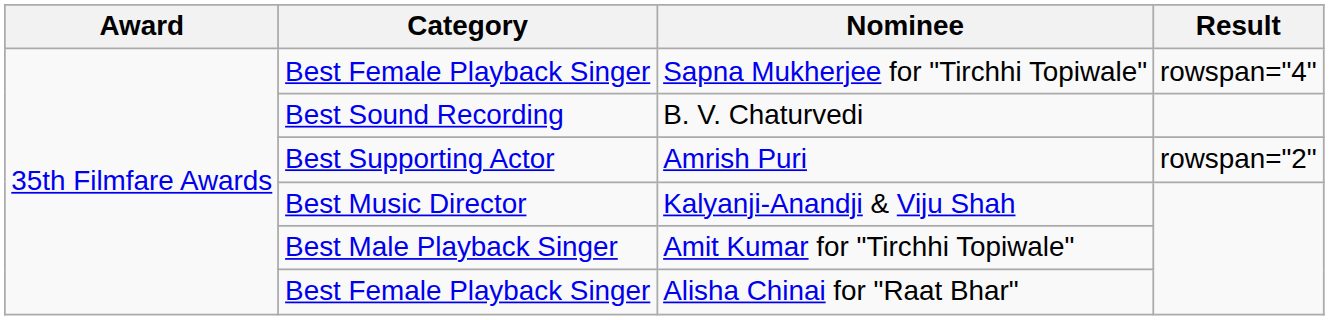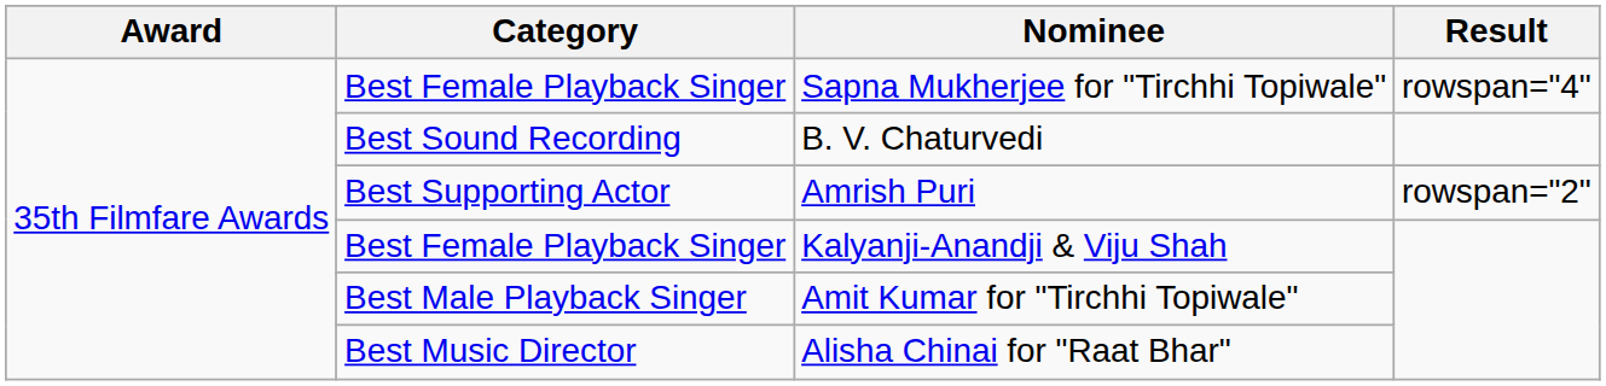 <table class="wikitable sortable">
 <tr>
 <th>Award</th>
 <th>Category</th>
 <th>Nominee</th>
 <th>Result</th>
 </tr>
 <tr>
 <td rowspan="6"><a href='#'>35th Filmfare Awards</a></td>
 <td><a href='#'>Best Female Playback Singer</a></td>
 <td><a href='#'>Sapna Mukherjee</a> for "Tirchhi Topiwale"</td>
 <td>rowspan="4" </td>
 </tr>
 <tr>
 <td><a href='#'>Best Sound Recording</a></td>
 <td>B. V. Chaturvedi</td>
 </tr>
 <tr>
 <td><a href='#'>Best Supporting Actor</a></td>
 <td><a href='#'>Amrish Puri</a></td>
 <td>rowspan="2"</td>
 </tr>
 <tr>
-<td><a href='#'>Best Music Director</a></td>
+<td><a href='#'>Best Female Playback Singer</a></td>
 <td><a href='#'>Kalyanji-Anandji</a> & <a href='#'>Viju Shah</a></td>
 </tr>
 <tr>
 <td><a href='#'>Best Male Playback Singer</a></td>
 <td><a href='#'>Amit Kumar</a> for "Tirchhi Topiwale"</td>
 </tr>
 <tr>
-<td><a href='#'>Best Female Playback Singer</a></td>
+<td><a href='#'>Best Music Director</a></td>
 <td><a href='#'>Alisha Chinai</a> for "Raat Bhar"</td>
 </tr>
 </table>
